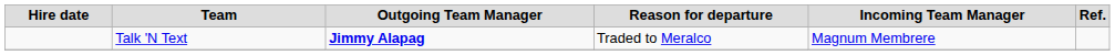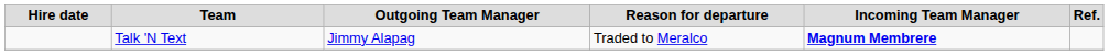 <table class="wikitable sortable">
 <tr>
 <th style="background:#dddddd;" width="10%">Hire date</th>
 <th style="background:#dddddd;" width="20%">Team</th>
 <th style="background:#dddddd;" width="25%">Outgoing Team Manager</th>
 <th style="background:#dddddd;" width="20%">Reason for departure</th>
 <th style="background:#dddddd;" width="25%">Incoming Team Manager</th>
 <th class="unsortable"; style="background:#dddddd;" width="5%">Ref.</th>
 </tr>
 <tr>
 <td align=center></td>
 <td><a href='#'>Talk 'N Text</a></td>
-<td><strong><a href='#'>Jimmy Alapag</a></strong></td>
+<td><a href='#'>Jimmy Alapag</a></td>
 <td>Traded to <a href='#'>Meralco</a></td>
-<td><a href='#'>Magnum Membrere</a></td>
+<td><strong><a href='#'>Magnum Membrere</a></strong></td>
 <td></td>
 </tr>
 <tr>
 </tr>
 </table>
